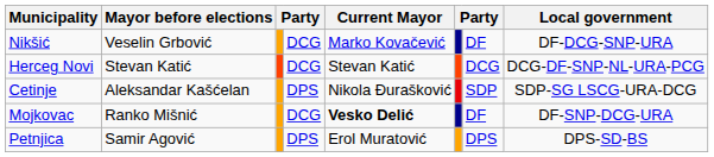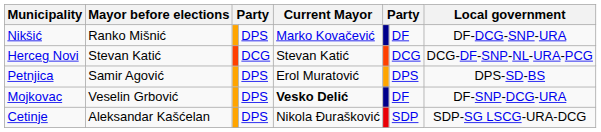 <table class="wikitable sortable">
 <tr>
 <th>Municipality</th>
 <th>Mayor before elections</th>
 <th colspan=2>Party</th>
 <th>Current Mayor</th>
 <th colspan=2>Party</th>
 <th>Local government</th>
 </tr>
 <tr>
 <td><a href='#'>Nikšić</a></td>
-<td>Veselin Grbović</td>
+<td>Ranko Mišnić</td>
 <th style="background-color: orange"></th>
-<td><a href='#'>DCG</a></td>
+<td><a href='#'>DPS</a></td>
 <td><a href='#'>Marko Kovačević</a></td>
 <th style="background-color: darkblue"></th>
 <td><a href='#'>DF</a></td>
 <td style="text-align: center;">DF-<a href='#'>DCG</a>-<a href='#'>SNP</a>-<a href='#'>URA</a></td>
 </tr>
 <tr>
 <td><a href='#'>Herceg Novi</a></td>
 <td>Stevan Katić</td>
 <th style="background-color: #ff4000"></th>
 <td><a href='#'>DCG</a></td>
 <td>Stevan Katić</td>
 <th style="background-color: #ff4000"></th>
 <td><a href='#'>DCG</a></td>
 <td style="text-align: center;">DCG-<a href='#'>DF</a>-<a href='#'>SNP</a>-<a href='#'>NL</a>-<a href='#'>URA</a>-<a href='#'>PCG</a></td>
 </tr>
 <tr>
+<td><a href='#'>Petnjica</a></td>
+<td>Samir Agović</td>
+<th style="background-color: orange"></th>
+<td><a href='#'>DPS</a></td>
+<td>Erol Muratović</td>
+<th style="background-color: orange"></th>
+<td><a href='#'>DPS</a></td>
+<td style="text-align: center;">DPS-<a href='#'>SD</a>-<a href='#'>BS</a></td>
+</tr>
+<tr>
+<td><a href='#'>Mojkovac</a></td>
+<td>Veselin Grbović</td>
+<th style="background-color: orange"></th>
+<td><a href='#'>DPS</a></td>
+<td><strong>Vesko Delić</strong></td>
+<th style="background-color: darkblue"></th>
+<td><a href='#'>DF</a></td>
+<td style="text-align: center;">DF-<a href='#'>SNP</a>-<a href='#'>DCG</a>-<a href='#'>URA</a></td>
+</tr>
+<tr>
 <td><a href='#'>Cetinje</a></td>
 <td>Aleksandar Kašćelan</td>
 <th style="background-color: orange"></th>
 <td><a href='#'>DPS</a></td>
 <td>Nikola Đurašković</td>
 <th style="background-color: #e90007"></th>
 <td><a href='#'>SDP</a></td>
 <td style="text-align: center;">SDP-<a href='#'>SG LSCG</a>-URA-DCG</td>
 </tr>
-<tr>
-<td><a href='#'>Mojkovac</a></td>
-<td>Ranko Mišnić</td>
-<th style="background-color: orange"></th>
-<td><a href='#'>DCG</a></td>
-<td><strong>Vesko Delić</strong></td>
-<th style="background-color: darkblue"></th>
-<td><a href='#'>DF</a></td>
-<td style="text-align: center;">DF-<a href='#'>SNP</a>-<a href='#'>DCG</a>-<a href='#'>URA</a></td>
-</tr>
-<tr>
-<td><a href='#'>Petnjica</a></td>
-<td>Samir Agović</td>
-<th style="background-color: orange"></th>
-<td><a href='#'>DPS</a></td>
-<td>Erol Muratović</td>
-<th style="background-color: orange"></th>
-<td><a href='#'>DPS</a></td>
-<td style="text-align: center;">DPS-<a href='#'>SD</a>-<a href='#'>BS</a></td>
-</tr>
 </table>
